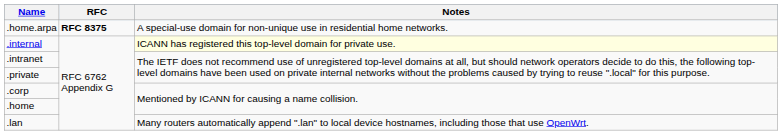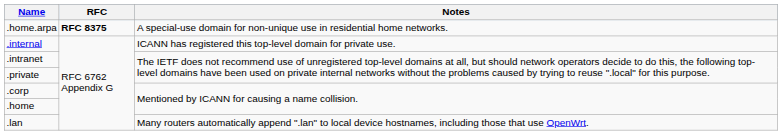 <table class="wikitable sortable">
 <tr style="background:#a0d0ff;">
 <th><a href='#'>Name</a></th>
 <th>RFC</th>
 <th>Notes</th>
 </tr>
 <tr>
 <td>.home.arpa</td>
 <td><strong>RFC 8375</strong></td>
 <td>A special-use domain for non-unique use in residential home networks.</td>
 </tr>
 <tr>
 <td><a href='#'>.internal</a></td>
 <td rowspan="6">RFC 6762 Appendix G</td>
-<td style="background: lightyellow;">ICANN has registered this top-level domain for private use.</td>
+<td>ICANN has registered this top-level domain for private use.</td>
 </tr>
 <tr>
 <td>.intranet</td>
 <td rowspan="2">The IETF does not recommend use of unregistered top-level domains at all, but should network operators decide to do this, the following top-level domains have been used on private internal networks without the problems caused by trying to reuse ".local" for this purpose.</td>
 </tr>
 <tr>
 <td>.private</td>
 </tr>
 <tr>
 <td>.corp</td>
 <td rowspan="2">Mentioned by ICANN for causing a name collision.</td>
 </tr>
 <tr>
 <td>.home</td>
 </tr>
 <tr>
 <td>.lan</td>
 <td>Many routers automatically append ".lan" to local device hostnames, including those that use <a href='#'>OpenWrt</a>.</td>
 </tr>
 </table>
